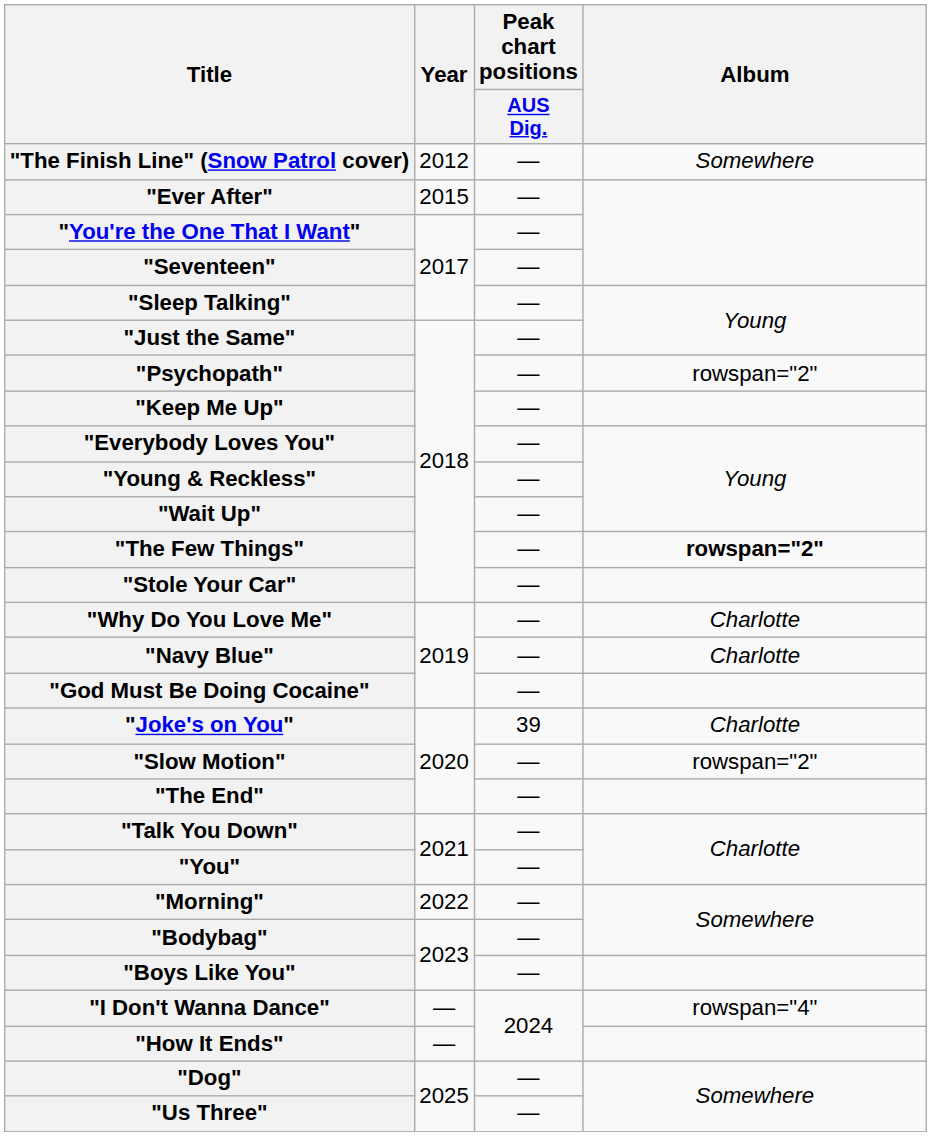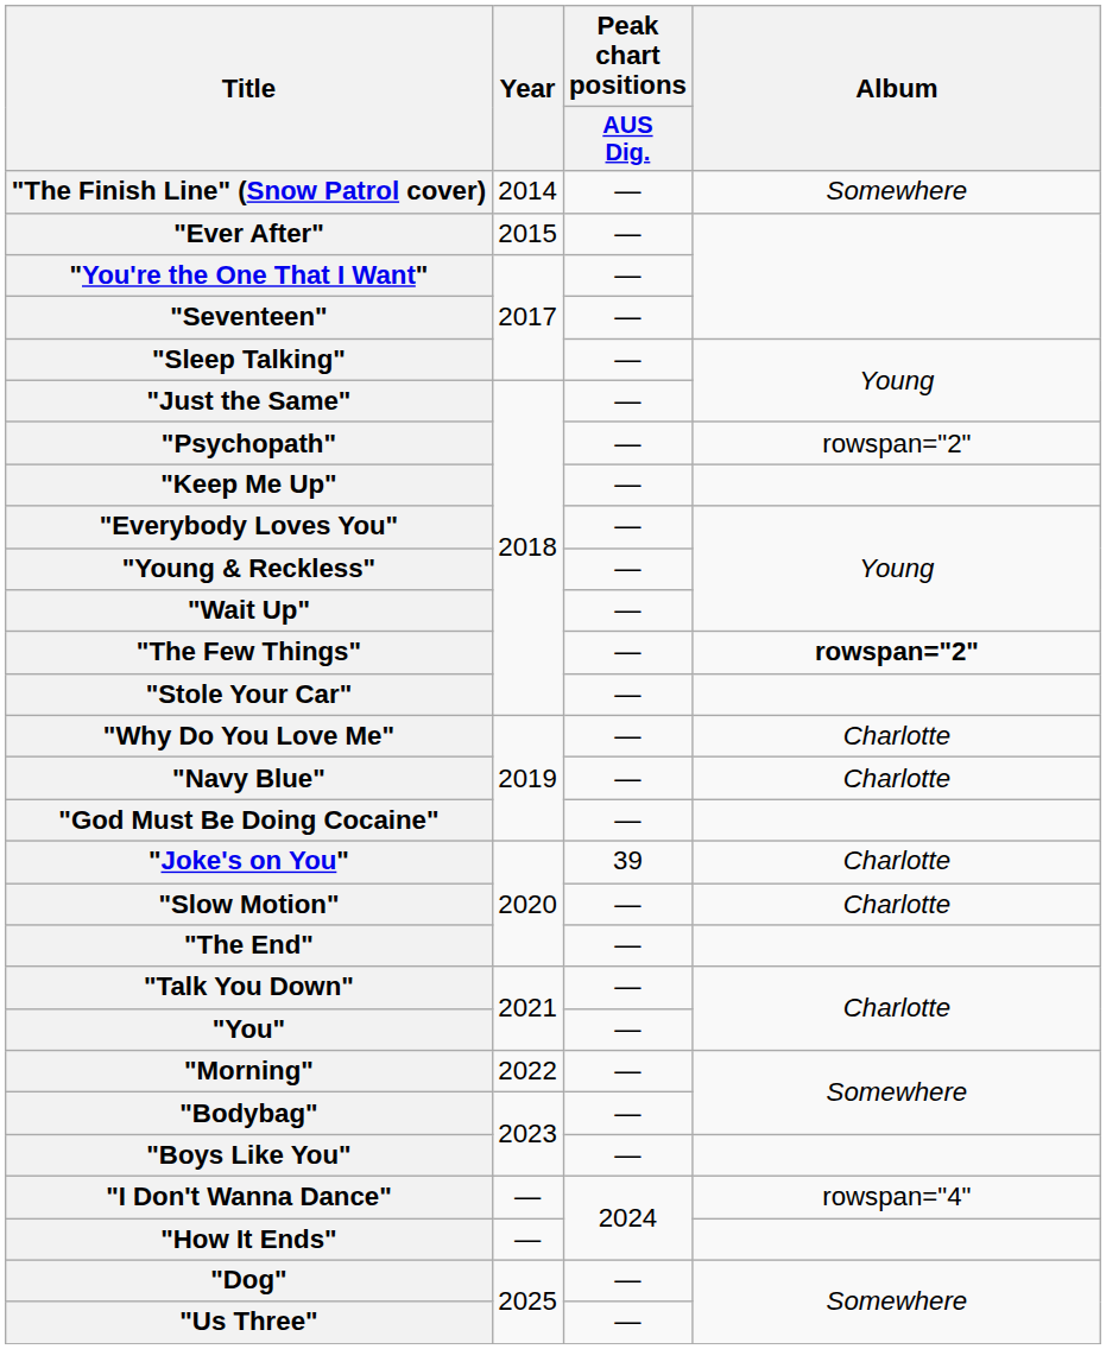 <table class="wikitable plainrowheaders" style="text-align:center">
 <tr>
 <th scope="col" rowspan="2">Title</th>
 <th scope="col" rowspan="2" style="width:1em;">Year</th>
 <th scope="col" colspan="1">Peak chart positions</th>
 <th scope="col" rowspan="2" style="width:15em;">Album</th>
 </tr>
 <tr>
 <th scope="col" style="width:3em;font-size:90%;"><a href='#'>AUS<br>Dig.</a><br></th>
 </tr>
 <tr>
 <th scope="row">"The Finish Line" (<a href='#'>Snow Patrol</a> cover)</th>
-<td>2012</td>
+<td>2014</td>
 <td>—</td>
 <td><em>Somewhere</em></td>
 </tr>
 <tr>
 <th scope="row">"Ever After"</th>
 <td>2015</td>
 <td>—</td>
 </tr>
 <tr>
 <th scope="row">"<a href='#'>You're the One That I Want</a>"</th>
 <td rowspan="3">2017</td>
 <td>—</td>
 </tr>
 <tr>
 <th scope="row">"Seventeen"</th>
 <td>—</td>
 </tr>
 <tr>
 <th scope="row">"Sleep Talking"</th>
 <td>—</td>
 <td rowspan="2"><em>Young</em></td>
 </tr>
 <tr>
 <th scope="row">"Just the Same"</th>
 <td rowspan="8">2018</td>
 <td>—</td>
 </tr>
 <tr>
 <th scope="row">"Psychopath" </th>
 <td>—</td>
 <td>rowspan="2" </td>
 </tr>
 <tr>
 <th scope="row">"Keep Me Up"</th>
 <td>—</td>
 </tr>
 <tr>
 <th scope="row">"Everybody Loves You"</th>
 <td>—</td>
 <td rowspan="3"><em>Young</em></td>
 </tr>
 <tr>
 <th scope="row">"Young & Reckless"</th>
 <td>—</td>
 </tr>
 <tr>
 <th scope="row">"Wait Up"</th>
 <td>—</td>
 </tr>
 <tr>
 <th scope="row">"The Few Things" </th>
 <td>—</td>
 <td><strong>rowspan="2" </strong></td>
 </tr>
 <tr>
 <th scope="row">"Stole Your Car"</th>
 <td>—</td>
 </tr>
 <tr>
 <th scope="row">"Why Do You Love Me"</th>
 <td rowspan="3">2019</td>
 <td>—</td>
 <td><em>Charlotte</em></td>
 </tr>
 <tr>
 <th scope="row">"Navy Blue"</th>
 <td>—</td>
 <td><em>Charlotte</em></td>
 </tr>
 <tr>
 <th scope="row">"God Must Be Doing Cocaine"</th>
 <td>—</td>
 </tr>
 <tr>
 <th scope="row">"<a href='#'>Joke's on You</a>"</th>
 <td rowspan="3">2020</td>
 <td>39</td>
 <td><em>Charlotte</em></td>
 </tr>
 <tr>
 <th scope="row">"Slow Motion"</th>
 <td>—</td>
-<td>rowspan="2" </td>
+<td><em>Charlotte</em></td>
 </tr>
 <tr>
 <th scope="row">"The End" </th>
 <td>―</td>
 <td></td>
 </tr>
 <tr>
 <th scope="row">"Talk You Down"</th>
 <td rowspan="2">2021</td>
 <td>―</td>
 <td rowspan="2"><em>Charlotte</em></td>
 </tr>
 <tr>
 <th scope="row">"You"</th>
 <td>―</td>
 </tr>
 <tr>
 <th scope="row">"Morning"</th>
 <td>2022</td>
 <td>―</td>
 <td rowspan = "2"><em>Somewhere</em></td>
 </tr>
 <tr>
 <th scope="row">"Bodybag"</th>
 <td rowspan="2">2023</td>
 <td>―</td>
 </tr>
 <tr>
 <th scope="row">"Boys Like You"</th>
 <td>―</td>
 <td></td>
 </tr>
 <tr>
 <th scope="row">"I Don't Wanna Dance"</th>
 <td>―</td>
 <td rowspan="2">2024</td>
 <td>rowspan="4" </td>
 </tr>
 <tr>
 <th scope="row">"How It Ends"</th>
 <td>―</td>
 <td></td>
 </tr>
 <tr>
 <th scope="row">"Dog"</th>
 <td rowspan = "2">2025</td>
 <td>―</td>
 <td rowspan = "2"><em>Somewhere</em></td>
 </tr>
 <tr>
 <th scope="row">"Us Three"</th>
 <td>―</td>
 </tr>
 <tr>
 </tr>
 </table>
